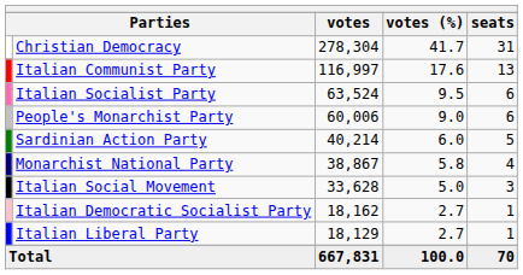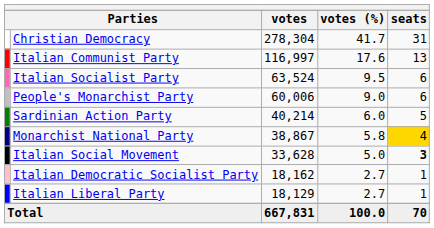 <table class="wikitable" style="font-size:95%">
 <tr>
 <th colspan=5></th>
 </tr>
 <tr>
 </tr>
 <tr bgcolor="EFEFEF">
 <th Colspan=2>Parties</th>
 <th>votes</th>
 <th>votes (%)</th>
 <th>seats</th>
 </tr>
 <tr>
 <td bgcolor=White></td>
 <td><a href='#'>Christian Democracy</a></td>
 <td align=right>278,304</td>
 <td align=right>41.7</td>
 <td align=right>31</td>
 </tr>
 <tr>
 <td bgcolor=Red></td>
 <td><a href='#'>Italian Communist Party</a></td>
 <td align=right>116,997</td>
 <td align=right>17.6</td>
 <td align=right>13</td>
 </tr>
 <tr>
 <td bgcolor=Hotpink></td>
 <td><a href='#'>Italian Socialist Party</a></td>
 <td align=right>63,524</td>
 <td align=right>9.5</td>
 <td align=right>6</td>
 </tr>
 <tr>
 <td bgcolor=Silver></td>
 <td><a href='#'>People's Monarchist Party</a></td>
 <td align=right>60,006</td>
 <td align=right>9.0</td>
 <td align=right>6</td>
 </tr>
 <tr>
 <td bgcolor=Green></td>
 <td><a href='#'>Sardinian Action Party</a></td>
 <td align=right>40,214</td>
 <td align=right>6.0</td>
 <td align=right>5</td>
 </tr>
 <tr>
 <td bgcolor=Navy></td>
 <td><a href='#'>Monarchist National Party</a></td>
 <td align=right>38,867</td>
 <td align=right>5.8</td>
-<td align=right>4</td>
+<td align=right style="background: gold;">4</td>
 </tr>
 <tr>
 <td bgcolor=Black></td>
 <td><a href='#'>Italian Social Movement</a></td>
 <td align=right>33,628</td>
 <td align=right>5.0</td>
-<td align=right>3</td>
+<td align=right><strong>3</strong></td>
 </tr>
 <tr>
 <td bgcolor=Pink></td>
 <td><a href='#'>Italian Democratic Socialist Party</a></td>
 <td align=right>18,162</td>
 <td align=right>2.7</td>
 <td align=right>1</td>
 </tr>
 <tr>
 <td bgcolor=Blue></td>
 <td><a href='#'>Italian Liberal Party</a></td>
 <td align=right>18,129</td>
 <td align=right>2.7</td>
 <td align=right>1</td>
 </tr>
 <tr>
 </tr>
 <tr bgcolor="EFEFEF">
 <td colspan=2><strong>Total</strong></td>
 <td align=right><strong>667,831</strong></td>
 <td align=right><strong>100.0</strong></td>
 <td align=right><strong>70</strong></td>
 </tr>
 </table>
